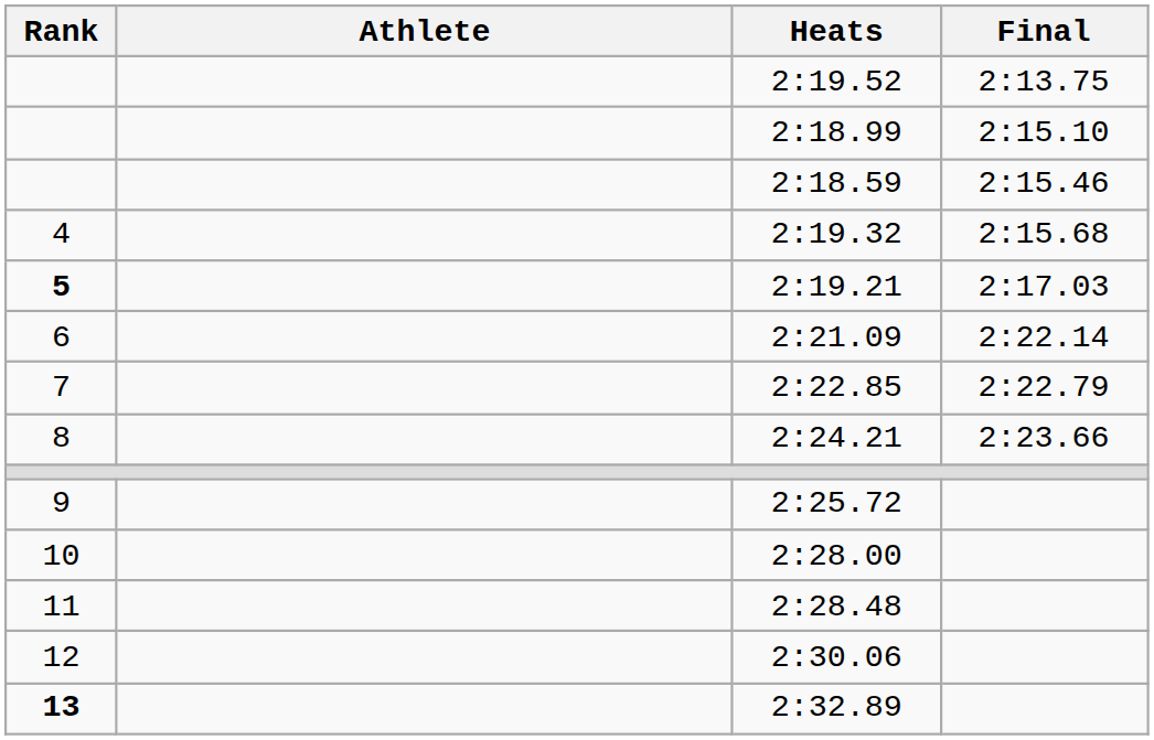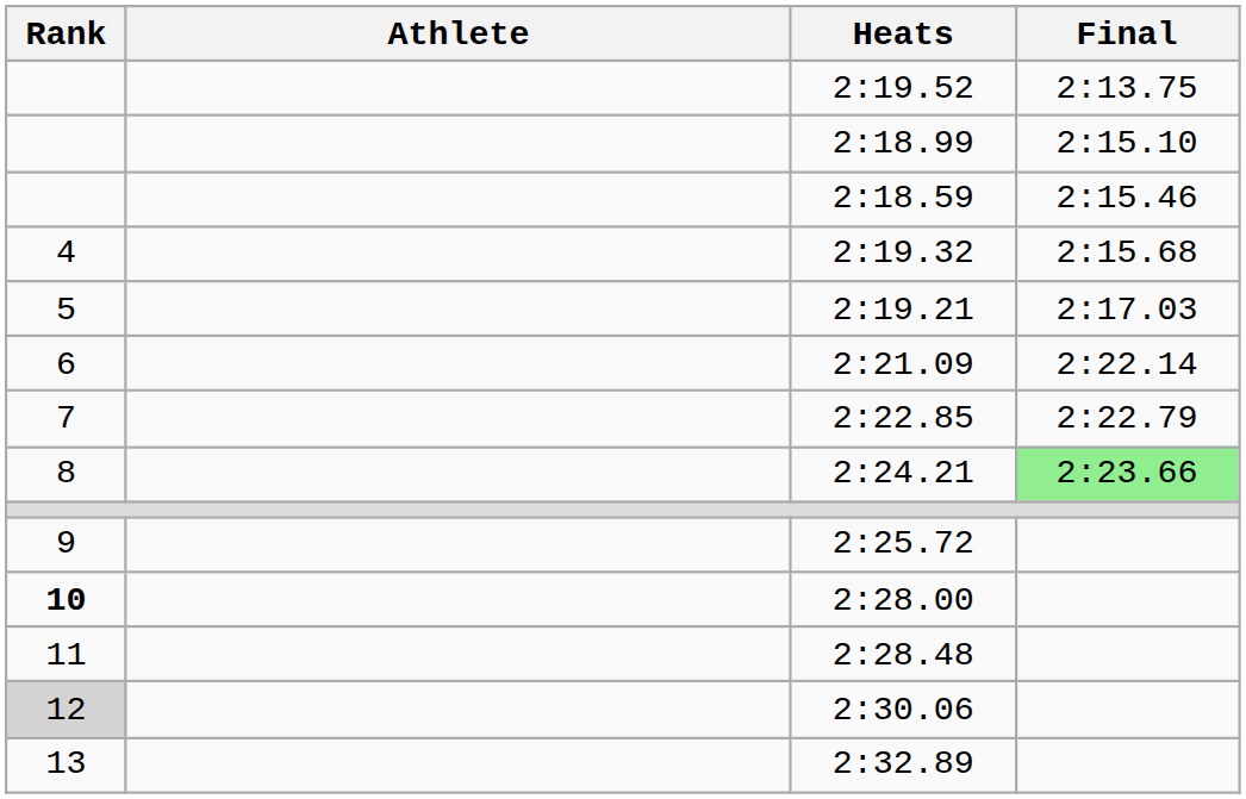 <table class=wikitable style="text-align:center">
 <tr>
 <th width=40>Rank</th>
 <th width=250>Athlete</th>
 <th width=80>Heats</th>
 <th width=80>Final</th>
 </tr>
 <tr>
 <td></td>
 <td align=left></td>
 <td>2:19.52</td>
 <td>2:13.75</td>
 </tr>
 <tr>
 <td></td>
 <td align=left></td>
 <td>2:18.99</td>
 <td>2:15.10</td>
 </tr>
 <tr>
 <td></td>
 <td align=left></td>
 <td>2:18.59</td>
 <td>2:15.46</td>
 </tr>
 <tr>
 <td>4</td>
 <td align=left></td>
 <td>2:19.32</td>
 <td>2:15.68</td>
 </tr>
 <tr>
-<td><strong>5</strong></td>
+<td>5</td>
 <td align=left></td>
 <td>2:19.21</td>
 <td>2:17.03</td>
 </tr>
 <tr>
 <td>6</td>
 <td align=left></td>
 <td>2:21.09</td>
 <td>2:22.14</td>
 </tr>
 <tr>
 <td>7</td>
 <td align=left></td>
 <td>2:22.85</td>
 <td>2:22.79</td>
 </tr>
 <tr>
 <td>8</td>
 <td align=left></td>
 <td>2:24.21</td>
-<td>2:23.66</td>
+<td style="background: lightgreen;">2:23.66</td>
 </tr>
 <tr bgcolor=#DDDDDD>
 <td colspan=4></td>
 </tr>
 <tr>
 <td>9</td>
 <td align=left></td>
 <td>2:25.72</td>
 <td></td>
 </tr>
 <tr>
-<td>10</td>
+<td><strong>10</strong></td>
 <td align=left></td>
 <td>2:28.00</td>
 <td></td>
 </tr>
 <tr>
 <td>11</td>
 <td align=left></td>
 <td>2:28.48</td>
 <td></td>
 </tr>
 <tr>
-<td>12</td>
+<td style="background: lightgrey;">12</td>
 <td align=left></td>
 <td>2:30.06</td>
 <td></td>
 </tr>
 <tr>
-<td><strong>13</strong></td>
+<td>13</td>
 <td align=left></td>
 <td>2:32.89</td>
 <td></td>
 </tr>
 </table>
